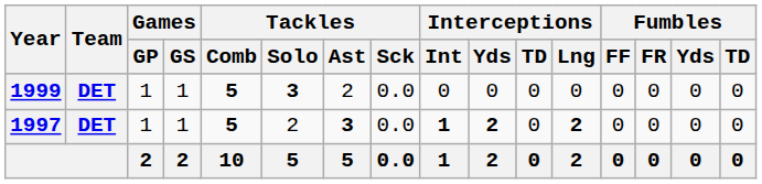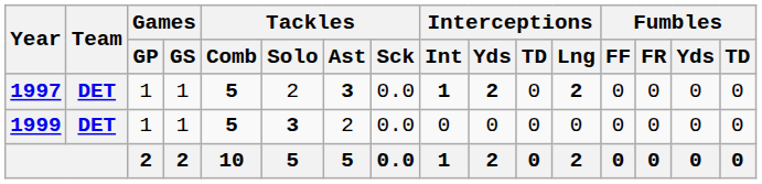 <table class="wikitable" style="text-align:center">
 <tr>
 <th rowspan="2">Year</th>
 <th rowspan="2">Team</th>
 <th colspan="2">Games</th>
 <th colspan="4">Tackles</th>
 <th colspan="4">Interceptions</th>
 <th colspan="4">Fumbles</th>
 </tr>
 <tr>
 <th>GP</th>
 <th>GS</th>
 <th>Comb</th>
 <th>Solo</th>
 <th>Ast</th>
 <th>Sck</th>
 <th>Int</th>
 <th>Yds</th>
 <th>TD</th>
 <th>Lng</th>
 <th>FF</th>
 <th>FR</th>
 <th>Yds</th>
 <th>TD</th>
 </tr>
 <tr>
+<th><a href='#'>1997</a></th>
+<th><a href='#'>DET</a></th>
+<td>1</td>
+<td>1</td>
+<td><strong>5</strong></td>
+<td>2</td>
+<td><strong>3</strong></td>
+<td>0.0</td>
+<td><strong>1</strong></td>
+<td><strong>2</strong></td>
+<td>0</td>
+<td><strong>2</strong></td>
+<td>0</td>
+<td>0</td>
+<td>0</td>
+<td>0</td>
+</tr>
+<tr>
 <th><a href='#'>1999</a></th>
 <th><a href='#'>DET</a></th>
 <td>1</td>
 <td>1</td>
 <td><strong>5</strong></td>
 <td><strong>3</strong></td>
 <td>2</td>
 <td>0.0</td>
 <td>0</td>
 <td>0</td>
 <td>0</td>
 <td>0</td>
-<td>0</td>
-<td>0</td>
-<td>0</td>
-<td>0</td>
-</tr>
-<tr>
-<th><a href='#'>1997</a></th>
-<th><a href='#'>DET</a></th>
-<td>1</td>
-<td>1</td>
-<td><strong>5</strong></td>
-<td>2</td>
-<td><strong>3</strong></td>
-<td>0.0</td>
-<td><strong>1</strong></td>
-<td><strong>2</strong></td>
-<td>0</td>
-<td><strong>2</strong></td>
 <td>0</td>
 <td>0</td>
 <td>0</td>
 <td>0</td>
 </tr>
 <tr>
 <th colspan="2"></th>
 <th>2</th>
 <th>2</th>
 <th>10</th>
 <th>5</th>
 <th>5</th>
 <th>0.0</th>
 <th>1</th>
 <th>2</th>
 <th>0</th>
 <th>2</th>
 <th>0</th>
 <th>0</th>
 <th>0</th>
 <th>0</th>
 </tr>
 </table>
